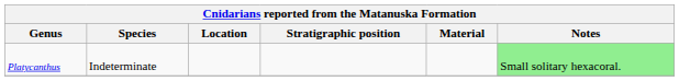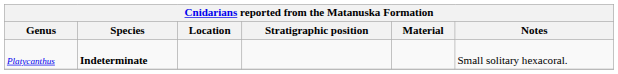 <table class="wikitable" align="center" width="100%">
 <tr>
 <th colspan="7" align="center"><strong><a href='#'>Cnidarians</a> reported from the Matanuska Formation</strong></th>
 </tr>
 <tr>
 <th>Genus</th>
 <th>Species</th>
 <th>Location</th>
 <th>Stratigraphic position</th>
 <th>Material</th>
 <th>Notes<br></th>
 </tr>
 <tr>
 <td><br><small><em><a href='#'>Platycanthus</a></em></small></td>
-<td><br>Indeterminate</td>
+<td><strong><br>Indeterminate</strong></td>
 <td></td>
 <td></td>
 <td></td>
-<td style="background: lightgreen;"><br>Small solitary hexacoral. </td>
+<td><br>Small solitary hexacoral. </td>
 </tr>
 <tr>
 </tr>
 </table>
